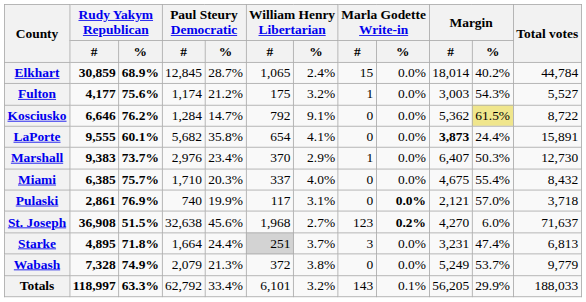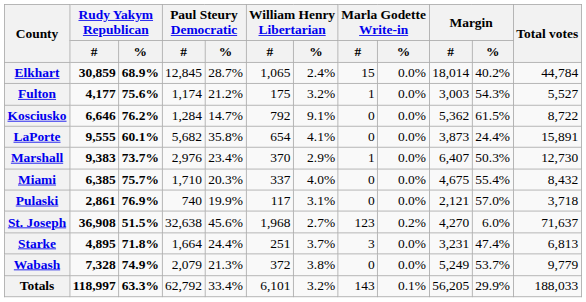 <table class="wikitable sortable" style="text-align:right">
 <tr>
 <th rowspan="2">County</th>
 <th colspan="2"><a href='#'>Rudy Yakym</a><br><a href='#'>Republican</a></th>
 <th colspan="2">Paul Steury<br><a href='#'>Democratic</a></th>
 <th colspan="2">William Henry<br><a href='#'>Libertarian</a></th>
 <th colspan="2">Marla Godette<br><a href='#'>Write-in</a></th>
 <th colspan="2">Margin</th>
 <th rowspan="2">Total votes</th>
 </tr>
 <tr>
 <th data-sort-type="number">#</th>
 <th data-sort-type="number">%</th>
 <th data-sort-type="number">#</th>
 <th data-sort-type="number">%</th>
 <th data-sort-type="number">#</th>
 <th data-sort-type="number">%</th>
 <th data-sort-type="number">#</th>
 <th data-sort-type="number">%</th>
 <th data-sort-type="number">#</th>
 <th data-sort-type="number">%</th>
 </tr>
 <tr>
 <th><a href='#'>Elkhart</a></th>
 <td><strong>30,859</strong></td>
 <td><strong>68.9%</strong></td>
 <td>12,845</td>
 <td>28.7%</td>
 <td>1,065</td>
 <td>2.4%</td>
 <td>15</td>
 <td>0.0%</td>
 <td>18,014</td>
 <td>40.2%</td>
 <td>44,784</td>
 </tr>
 <tr>
 <th><a href='#'>Fulton</a></th>
 <td><strong>4,177</strong></td>
 <td><strong>75.6%</strong></td>
 <td>1,174</td>
 <td>21.2%</td>
 <td>175</td>
 <td>3.2%</td>
 <td>1</td>
 <td>0.0%</td>
 <td>3,003</td>
 <td>54.3%</td>
 <td>5,527</td>
 </tr>
 <tr>
 <th><a href='#'>Kosciusko</a> </th>
 <td><strong>6,646</strong></td>
 <td><strong>76.2%</strong></td>
 <td>1,284</td>
 <td>14.7%</td>
 <td>792</td>
 <td>9.1%</td>
 <td>0</td>
 <td>0.0%</td>
 <td>5,362</td>
-<td style="background: khaki;">61.5%</td>
+<td>61.5%</td>
 <td>8,722</td>
 </tr>
 <tr>
 <th><a href='#'>LaPorte</a> </th>
 <td><strong>9,555</strong></td>
 <td><strong>60.1%</strong></td>
 <td>5,682</td>
 <td>35.8%</td>
 <td>654</td>
 <td>4.1%</td>
 <td>0</td>
 <td>0.0%</td>
-<td><strong>3,873</strong></td>
+<td>3,873</td>
 <td>24.4%</td>
 <td>15,891</td>
 </tr>
 <tr>
 <th><a href='#'>Marshall</a></th>
 <td><strong>9,383</strong></td>
 <td><strong>73.7%</strong></td>
 <td>2,976</td>
 <td>23.4%</td>
 <td>370</td>
 <td>2.9%</td>
 <td>1</td>
 <td>0.0%</td>
 <td>6,407</td>
 <td>50.3%</td>
 <td>12,730</td>
 </tr>
 <tr>
 <th><a href='#'>Miami</a></th>
 <td><strong>6,385</strong></td>
 <td><strong>75.7%</strong></td>
 <td>1,710</td>
 <td>20.3%</td>
 <td>337</td>
 <td>4.0%</td>
 <td>0</td>
 <td>0.0%</td>
 <td>4,675</td>
 <td>55.4%</td>
 <td>8,432</td>
 </tr>
 <tr>
 <th><a href='#'>Pulaski</a></th>
 <td><strong>2,861</strong></td>
 <td><strong>76.9%</strong></td>
 <td>740</td>
 <td>19.9%</td>
 <td>117</td>
 <td>3.1%</td>
 <td>0</td>
-<td><strong>0.0%</strong></td>
+<td>0.0%</td>
 <td>2,121</td>
 <td>57.0%</td>
 <td>3,718</td>
 </tr>
 <tr>
 <th data-sort-value="Saint Joseph"><a href='#'>St. Joseph</a></th>
 <td><strong>36,908</strong></td>
 <td><strong>51.5%</strong></td>
 <td>32,638</td>
 <td>45.6%</td>
 <td>1,968</td>
 <td>2.7%</td>
 <td>123</td>
-<td><strong>0.2%</strong></td>
+<td>0.2%</td>
 <td>4,270</td>
 <td>6.0%</td>
 <td>71,637</td>
 </tr>
 <tr>
 <th><a href='#'>Starke</a></th>
 <td><strong>4,895</strong></td>
 <td><strong>71.8%</strong></td>
 <td>1,664</td>
 <td>24.4%</td>
-<td style="background: lightgrey;">251</td>
+<td>251</td>
 <td>3.7%</td>
 <td>3</td>
 <td>0.0%</td>
 <td>3,231</td>
 <td>47.4%</td>
 <td>6,813</td>
 </tr>
 <tr>
 <th><a href='#'>Wabash</a></th>
 <td><strong>7,328</strong></td>
 <td><strong>74.9%</strong></td>
 <td>2,079</td>
 <td>21.3%</td>
 <td>372</td>
 <td>3.8%</td>
 <td>0</td>
 <td>0.0%</td>
 <td>5,249</td>
 <td>53.7%</td>
 <td>9,779</td>
 </tr>
 <tr class="sortbottom">
 <th>Totals</th>
 <td><strong>118,997</strong></td>
 <td><strong>63.3%</strong></td>
 <td>62,792</td>
 <td>33.4%</td>
 <td>6,101</td>
 <td>3.2%</td>
 <td>143</td>
 <td>0.1%</td>
 <td>56,205</td>
 <td>29.9%</td>
 <td>188,033</td>
 </tr>
 </table>
